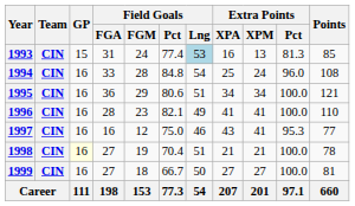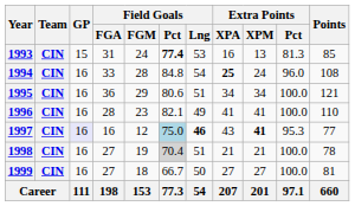 <table class="wikitable" style="text-align:center;">
 <tr>
 <th rowspan="2">Year</th>
 <th rowspan="2">Team</th>
 <th rowspan="2">GP</th>
 <th colspan="4">Field Goals</th>
 <th colspan="3">Extra Points</th>
 <th rowspan="2">Points</th>
 </tr>
 <tr>
 <th>FGA</th>
 <th>FGM</th>
 <th>Pct</th>
 <th>Lng</th>
 <th>XPA</th>
 <th>XPM</th>
 <th>Pct</th>
 </tr>
 <tr>
 <th><a href='#'>1993</a></th>
 <th><a href='#'>CIN</a></th>
 <td>15</td>
 <td>31</td>
 <td>24</td>
-<td>77.4</td>
-<td style="background: lightblue;">53</td>
+<td><strong>77.4</strong></td>
+<td>53</td>
 <td>16</td>
 <td>13</td>
 <td>81.3</td>
 <td>85</td>
 </tr>
 <tr>
 <th><a href='#'>1994</a></th>
 <th><a href='#'>CIN</a></th>
 <td>16</td>
 <td>33</td>
 <td>28</td>
 <td>84.8</td>
 <td>54</td>
-<td>25</td>
+<td><strong>25</strong></td>
 <td>24</td>
 <td>96.0</td>
 <td>108</td>
 </tr>
 <tr>
 <th><a href='#'>1995</a></th>
 <th><a href='#'>CIN</a></th>
 <td>16</td>
 <td>36</td>
 <td>29</td>
 <td>80.6</td>
 <td>51</td>
 <td>34</td>
 <td>34</td>
 <td>100.0</td>
 <td>121</td>
 </tr>
 <tr>
 <th><a href='#'>1996</a></th>
 <th><a href='#'>CIN</a></th>
 <td>16</td>
 <td>28</td>
 <td>23</td>
 <td>82.1</td>
 <td>49</td>
 <td>41</td>
 <td>41</td>
 <td>100.0</td>
 <td>110</td>
 </tr>
 <tr>
 <th><a href='#'>1997</a></th>
 <th><a href='#'>CIN</a></th>
-<td>16</td>
+<td style="background: lavender;">16</td>
 <td>16</td>
 <td>12</td>
-<td>75.0</td>
-<td>46</td>
+<td style="background: lightblue;">75.0</td>
+<td><strong>46</strong></td>
 <td>43</td>
-<td>41</td>
+<td><strong>41</strong></td>
 <td>95.3</td>
 <td>77</td>
 </tr>
 <tr>
 <th><a href='#'>1998</a></th>
 <th><a href='#'>CIN</a></th>
-<td style="background: lightyellow;">16</td>
+<td>16</td>
 <td>27</td>
 <td>19</td>
-<td>70.4</td>
+<td style="background: lightgrey;">70.4</td>
 <td>51</td>
 <td>21</td>
 <td>21</td>
 <td>100.0</td>
 <td>78</td>
 </tr>
 <tr>
 <th><a href='#'>1999</a></th>
 <th><a href='#'>CIN</a></th>
 <td>16</td>
 <td>27</td>
 <td>18</td>
 <td>66.7</td>
 <td>50</td>
 <td>27</td>
 <td>27</td>
 <td>100.0</td>
 <td>81</td>
 </tr>
 <tr>
 <th colspan="2">Career</th>
 <th>111</th>
 <th>198</th>
 <th>153</th>
 <th>77.3</th>
 <th>54</th>
 <th>207</th>
 <th>201</th>
 <th>97.1</th>
 <th>660</th>
 </tr>
 </table>
